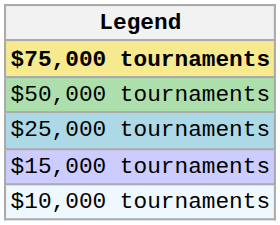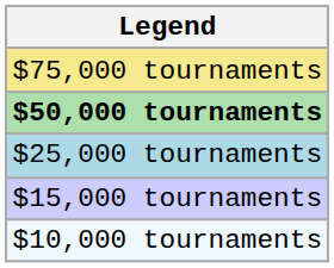 <table class=wikitable style=font-size:85%>
 <tr>
 <th>Legend</th>
 </tr>
 <tr style="background:#f7e98e;">
-<td><strong>$75,000 tournaments</strong></td>
+<td>$75,000 tournaments</td>
 </tr>
 <tr style="background:#addfad;">
-<td>$50,000 tournaments</td>
+<td><strong>$50,000 tournaments</strong></td>
 </tr>
 <tr style="background:lightblue;">
 <td>$25,000 tournaments</td>
 </tr>
 <tr style="background:#ccccff;">
 <td>$15,000 tournaments</td>
 </tr>
 <tr style="background:#f0f8ff;">
 <td>$10,000 tournaments</td>
 </tr>
 </table>
